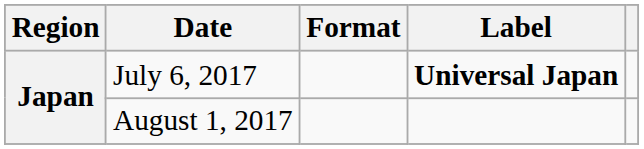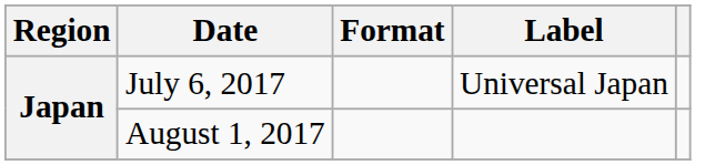 <table class="wikitable plainrowheaders">
 <tr>
 <th scope="col">Region</th>
 <th scope="col">Date</th>
 <th scope="col">Format</th>
 <th scope="col">Label</th>
 <th scope="col"></th>
 </tr>
 <tr>
 <th rowspan="2" scope="row">Japan</th>
 <td>July 6, 2017</td>
 <td></td>
-<td><strong>Universal Japan</strong></td>
+<td>Universal Japan</td>
 <td align="center"></td>
 </tr>
 <tr>
 <td>August 1, 2017</td>
 <td></td>
 <td></td>
 <td align="center"></td>
 </tr>
 </table>
